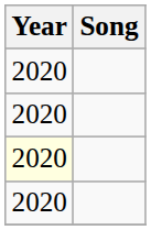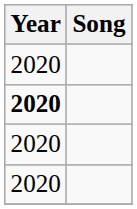 <table class="wikitable">
 <tr>
 <th align="center">Year</th>
 <th align="center">Song</th>
 </tr>
 <tr>
 <td align="center">2020</td>
 <td align="left"></td>
 </tr>
 <tr>
-<td align="center">2020</td>
+<td align="center"><strong>2020</strong></td>
 <td align="left"></td>
 </tr>
 <tr>
-<td align="center" style="background: lightyellow;">2020</td>
+<td align="center">2020</td>
 <td align="left"></td>
 </tr>
 <tr>
 <td align="center">2020</td>
 <td align="left"></td>
 </tr>
 <tr>
 </tr>
 </table>
